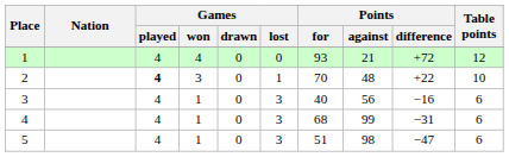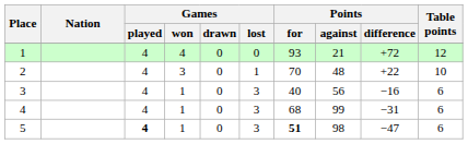 <table class="wikitable">
 <tr>
 <th rowspan=2 width="8%">Place</th>
 <th rowspan=2 width="20%">Nation</th>
 <th colspan=4 width="32%">Games</th>
 <th colspan=3 width="30%">Points</th>
 <th rowspan=2 width="10%">Table<br>points</th>
 </tr>
 <tr>
 <th width="8%">played</th>
 <th width="8%">won</th>
 <th width="8%">drawn</th>
 <th width="8%">lost</th>
 <th width="10%">for</th>
 <th width="10%">against</th>
 <th width="10%">difference</th>
 </tr>
 <tr>
 </tr>
 <tr bgcolor=#ccffcc align=center>
 <td>1</td>
 <td align=left></td>
 <td>4</td>
 <td>4</td>
 <td>0</td>
 <td>0</td>
 <td>93</td>
 <td>21</td>
 <td>+72</td>
 <td>12</td>
 </tr>
 <tr bgcolor=#ffffff align=center>
 <td>2</td>
 <td align=left></td>
-<td><strong>4</strong></td>
+<td>4</td>
 <td>3</td>
 <td>0</td>
 <td>1</td>
 <td>70</td>
 <td>48</td>
 <td>+22</td>
 <td>10</td>
 </tr>
 <tr bgcolor=#ffffff align=center>
 <td>3</td>
 <td align=left></td>
 <td>4</td>
 <td>1</td>
 <td>0</td>
 <td>3</td>
 <td>40</td>
 <td>56</td>
 <td>−16</td>
 <td>6</td>
 </tr>
 <tr bgcolor=#ffffff align=center>
 <td>4</td>
 <td align=left></td>
 <td>4</td>
 <td>1</td>
 <td>0</td>
 <td>3</td>
 <td>68</td>
 <td>99</td>
 <td>−31</td>
 <td>6</td>
 </tr>
 <tr bgcolor=#ffffff align=center>
 <td>5</td>
 <td align=left></td>
-<td>4</td>
+<td><strong>4</strong></td>
 <td>1</td>
 <td>0</td>
 <td>3</td>
-<td>51</td>
+<td><strong>51</strong></td>
 <td>98</td>
 <td>−47</td>
 <td>6</td>
 </tr>
 </table>
